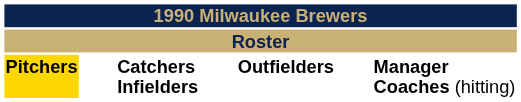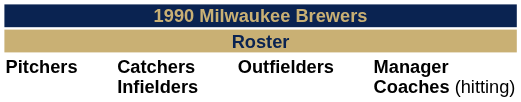 <table class="toccolours" style="font-size: 95%;">
 <tr>
 <th colspan="10" style="background-color: #0a2351;color: #c9b074; text-align: center;">1990 Milwaukee Brewers</th>
 </tr>
 <tr>
 <td colspan="10" style="background-color: #c9b074; color: #0a2351; text-align: center;"><strong>Roster</strong></td>
 </tr>
 <tr>
-<td valign="top" style="background: gold;"><strong>Pitchers</strong><br>                     </td>
+<td valign="top"><strong>Pitchers</strong><br>                     </td>
 <td width="25px"></td>
 <td valign="top"><strong>Catchers</strong><br>   <strong>Infielders</strong>            </td>
 <td width="25px"></td>
 <td valign="top"><strong>Outfielders</strong><br>     </td>
 <td width="25px"></td>
 <td valign="top"><strong>Manager</strong><br> <strong>Coaches</strong>  (hitting)    </td>
 </tr>
 <tr>
 </tr>
 </table>
